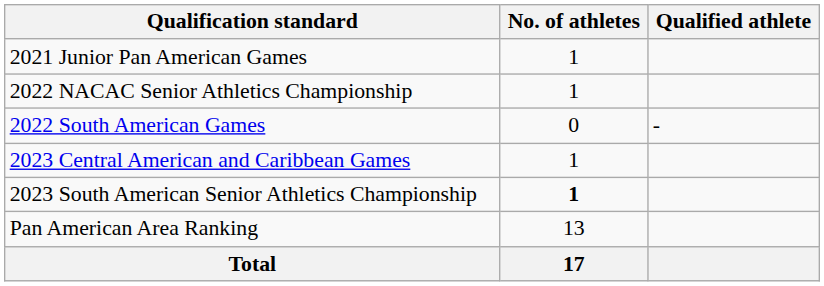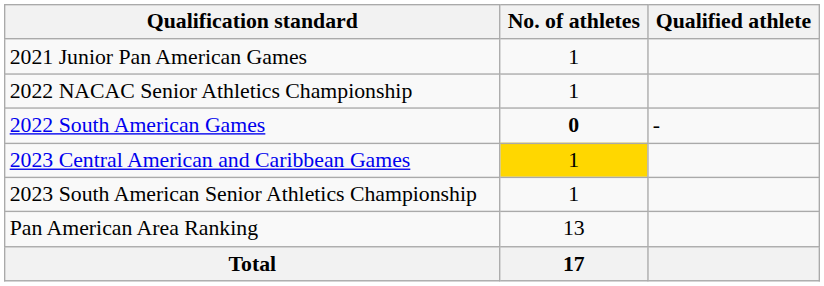 <table class="wikitable" style="text-align:left; width:600px;">
 <tr>
 <th>Qualification standard</th>
 <th>No. of athletes</th>
 <th>Qualified athlete</th>
 </tr>
 <tr>
 <td>2021 Junior Pan American Games</td>
 <td align=center>1</td>
 <td></td>
 </tr>
 <tr>
 <td>2022 NACAC Senior Athletics Championship</td>
 <td align=center>1</td>
 <td></td>
 </tr>
 <tr>
 <td><a href='#'>2022 South American Games</a></td>
-<td align=center>0</td>
+<td align=center><strong>0</strong></td>
 <td>-</td>
 </tr>
 <tr>
 <td><a href='#'>2023 Central American and Caribbean Games</a></td>
-<td align=center>1</td>
+<td align=center style="background: gold;">1</td>
 <td></td>
 </tr>
 <tr>
 <td>2023 South American Senior Athletics Championship</td>
-<td align=center><strong>1</strong></td>
+<td align=center>1</td>
 <td></td>
 </tr>
 <tr>
 <td>Pan American Area Ranking</td>
 <td align=center>13</td>
 <td></td>
 </tr>
 <tr>
 <th>Total</th>
 <th>17</th>
 <th colspan=2></th>
 </tr>
 </table>
